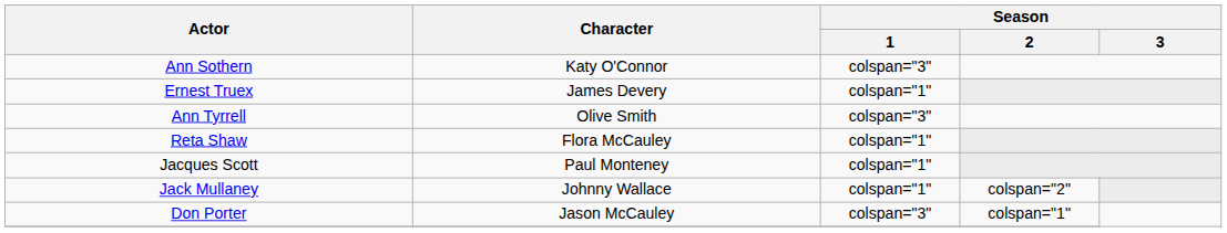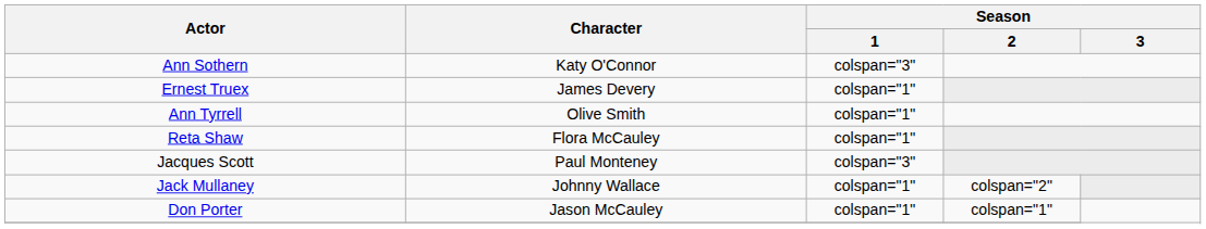 <table class="wikitable plainrowheaders" style="text-align:center">
 <tr>
 <th scope="col" rowspan="2" style="width:20%;">Actor</th>
 <th scope="col" rowspan="2" style="width:20%;">Character</th>
 <th scope="col" colspan="3">Season</th>
 </tr>
 <tr>
 <th scope="col" style="width:6%;">1</th>
 <th scope="col" style="width:6%;">2</th>
 <th scope="col" style="width:6%;">3</th>
 </tr>
 <tr>
 <td scope="row"><a href='#'>Ann Sothern</a></td>
 <td>Katy O'Connor</td>
 <td>colspan="3" </td>
 </tr>
 <tr>
 <td scope="row"><a href='#'>Ernest Truex</a></td>
 <td>James Devery</td>
 <td>colspan="1" </td>
 <td style="background:#ececec; color:gray;" colspan="2"></td>
 </tr>
 <tr>
 <td scope="row"><a href='#'>Ann Tyrrell</a></td>
 <td>Olive Smith</td>
-<td>colspan="3" </td>
+<td>colspan="1" </td>
 </tr>
 <tr>
 <td scope="row"><a href='#'>Reta Shaw</a></td>
 <td>Flora McCauley</td>
 <td>colspan="1" </td>
 <td style="background:#ececec; color:gray;" colspan="2"></td>
 </tr>
 <tr>
 <td scope="row">Jacques Scott</td>
 <td>Paul Monteney</td>
-<td>colspan="1" </td>
+<td>colspan="3" </td>
 <td style="background:#ececec; color:gray;" colspan="2"></td>
 </tr>
 <tr>
 <td scope="row"><a href='#'>Jack Mullaney</a></td>
 <td>Johnny Wallace</td>
 <td>colspan="1" </td>
 <td>colspan="2" </td>
 <td style="background:#ececec; color:gray;" colspan="1"></td>
 </tr>
 <tr>
 <td scope="row"><a href='#'>Don Porter</a></td>
 <td>Jason McCauley</td>
-<td>colspan="3" </td>
+<td>colspan="1" </td>
 <td>colspan="1" </td>
 </tr>
 <tr>
 </tr>
 </table>
